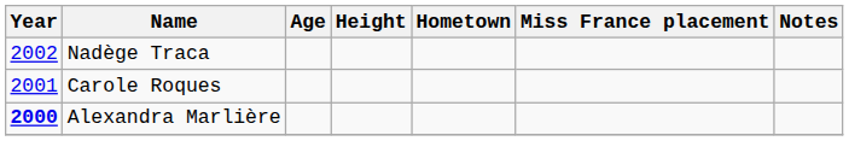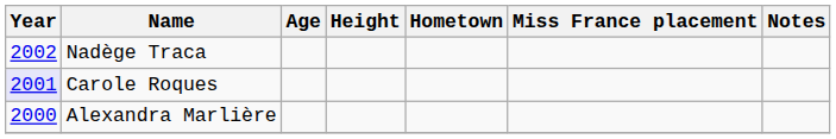 <table class="wikitable sortable">
 <tr>
 <th>Year</th>
 <th>Name</th>
 <th>Age</th>
 <th>Height</th>
 <th>Hometown</th>
 <th>Miss France placement</th>
 <th>Notes</th>
 </tr>
 <tr>
 <td><a href='#'>2002</a></td>
 <td>Nadège Traca</td>
 <td></td>
 <td></td>
 <td></td>
 <td></td>
 <td></td>
 </tr>
 <tr>
-<td><a href='#'>2001</a></td>
+<td style="background: lavender;"><a href='#'>2001</a></td>
 <td>Carole Roques</td>
 <td></td>
 <td></td>
 <td></td>
 <td></td>
 <td></td>
 </tr>
 <tr>
-<td><strong><a href='#'>2000</a></strong></td>
+<td><a href='#'>2000</a></td>
 <td>Alexandra Marlière</td>
 <td></td>
 <td></td>
 <td></td>
 <td></td>
 <td></td>
 </tr>
 <tr>
 </tr>
 </table>
